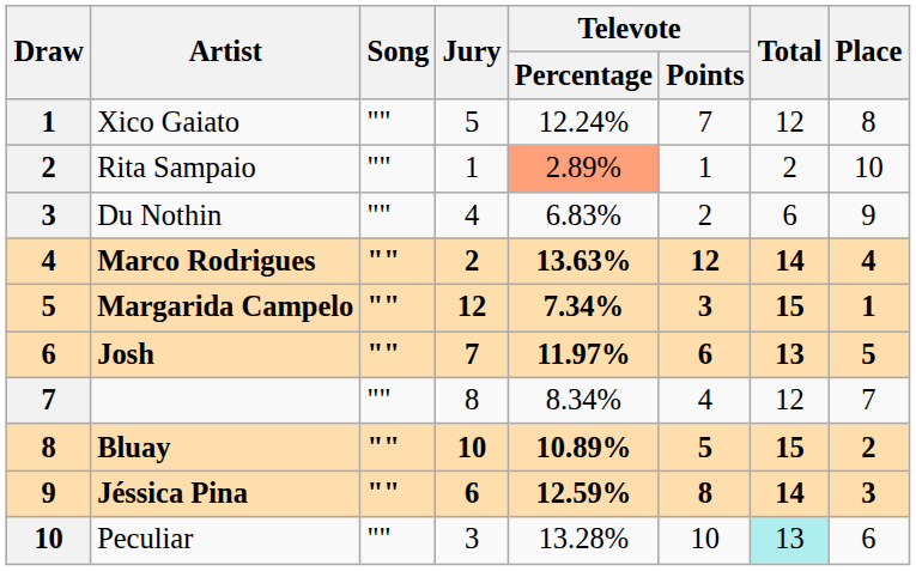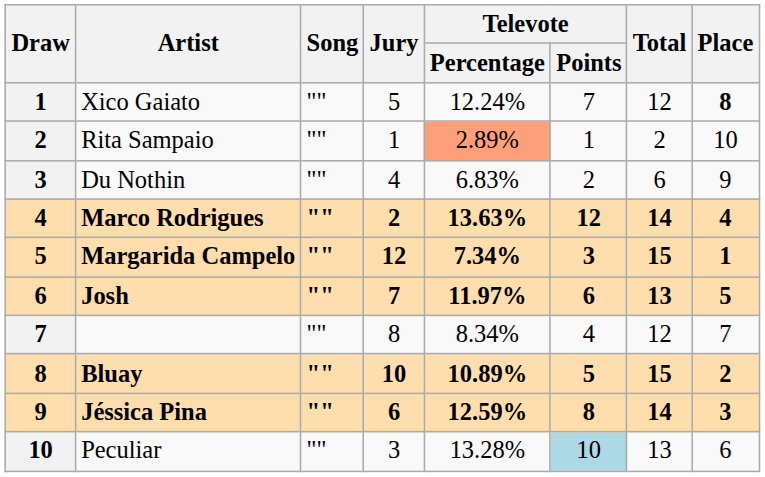 <table class="sortable wikitable plainrowheaders" style="margin: 1em auto 1em auto; text-align:center">
 <tr>
 <th rowspan="2">Draw</th>
 <th rowspan="2">Artist</th>
 <th rowspan="2">Song</th>
 <th rowspan="2">Jury</th>
 <th colspan="2">Televote</th>
 <th rowspan="2">Total</th>
 <th rowspan="2">Place</th>
 </tr>
 <tr>
 <th>Percentage</th>
 <th class="unsortable">Points</th>
 </tr>
 <tr>
 <th scope="row" style="text-align:center;">1</th>
 <td align="left">Xico Gaiato</td>
 <td align="left">""</td>
 <td>5</td>
 <td>12.24%</td>
 <td>7</td>
 <td>12</td>
-<td>8</td>
+<td><strong>8</strong></td>
 </tr>
 <tr>
 <th scope="row" style="text-align:center;">2</th>
 <td align="left">Rita Sampaio</td>
 <td align="left">""</td>
 <td>1</td>
 <td style="background: lightsalmon;">2.89%</td>
 <td>1</td>
 <td>2</td>
 <td>10</td>
 </tr>
 <tr>
 <th scope="row" style="text-align:center;">3</th>
 <td align="left">Du Nothin</td>
 <td align="left">""</td>
 <td>4</td>
 <td>6.83%</td>
 <td>2</td>
 <td>6</td>
 <td>9</td>
 </tr>
 <tr style="font-weight:bold; background:navajowhite">
 <th scope="row" style="text-align:center; font-weight:bold; background:navajowhite">4</th>
 <td align="left">Marco Rodrigues</td>
 <td align="left">""</td>
 <td>2</td>
 <td>13.63%</td>
 <td>12</td>
 <td>14</td>
 <td>4</td>
 </tr>
 <tr style="font-weight:bold; background:navajowhite">
 <th scope="row" style="text-align:center; font-weight:bold; background:navajowhite">5</th>
 <td align="left">Margarida Campelo</td>
 <td align="left">""</td>
 <td>12</td>
 <td>7.34%</td>
 <td>3</td>
 <td>15</td>
 <td>1</td>
 </tr>
 <tr style="font-weight:bold; background:navajowhite">
 <th scope="row" style="text-align:center; font-weight:bold; background:navajowhite">6</th>
 <td align="left">Josh</td>
 <td align="left">""</td>
 <td>7</td>
 <td>11.97%</td>
 <td>6</td>
 <td>13</td>
 <td>5</td>
 </tr>
 <tr>
 <th scope="row" style="text-align:center;">7</th>
 <td align="left"></td>
 <td align="left">""</td>
 <td>8</td>
 <td>8.34%</td>
 <td>4</td>
 <td>12</td>
 <td>7</td>
 </tr>
 <tr style="font-weight:bold; background:navajowhite">
 <th scope="row" style="text-align:center; font-weight:bold; background:navajowhite">8</th>
 <td align="left">Bluay</td>
 <td align="left">""</td>
 <td>10</td>
 <td>10.89%</td>
 <td>5</td>
 <td>15</td>
 <td>2</td>
 </tr>
 <tr style="font-weight:bold; background:navajowhite">
 <th scope="row" style="text-align:center; font-weight:bold; background:navajowhite">9</th>
 <td align="left">Jéssica Pina</td>
 <td align="left">""</td>
 <td>6</td>
 <td>12.59%</td>
 <td>8</td>
 <td>14</td>
 <td>3</td>
 </tr>
 <tr>
 <th scope="row" style="text-align:center;">10</th>
 <td align="left">Peculiar</td>
 <td align="left">""</td>
 <td>3</td>
 <td>13.28%</td>
-<td>10</td>
-<td style="background: paleturquoise;">13</td>
+<td style="background: lightblue;">10</td>
+<td>13</td>
 <td>6</td>
 </tr>
 </table>
